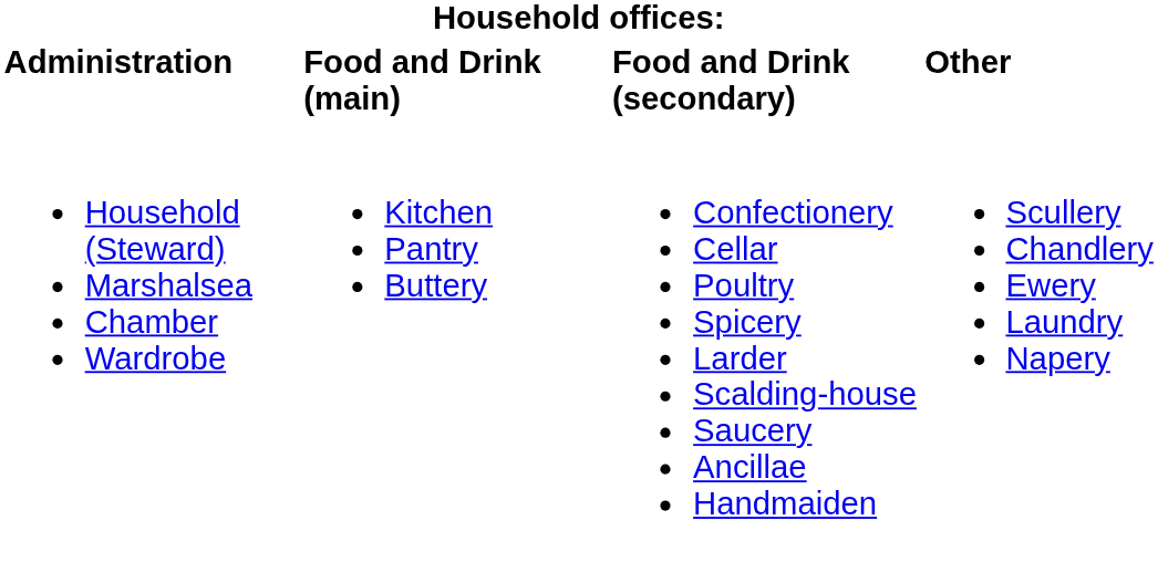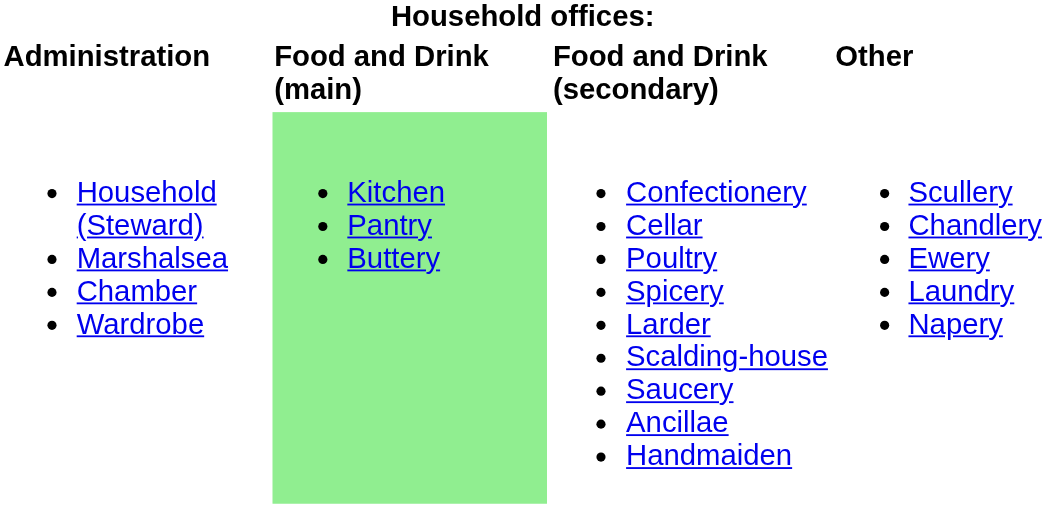 <table class="toccolours">
 <tr>
 <th colspan=4><strong>Household offices:</strong></th>
 </tr>
 <tr valign=top>
 <th scope=col style="text-align:left;padding-right:2em">Administration</th>
 <th scope=col style="text-align:left;padding-right:2em">Food and Drink<br>(main)</th>
 <th scope=col style="text-align:left;padding-right:2em">Food and Drink<br>(secondary)</th>
 <th scope=col style="text-align:left;padding-right:2em">Other</th>
 </tr>
 <tr valign=top>
 <td><br><ul><li><a href='#'>Household<br>(Steward)</a></li><li><a href='#'>Marshalsea</a></li><li><a href='#'>Chamber</a></li><li><a href='#'>Wardrobe</a></li></ul></td>
-<td><br><ul><li><a href='#'>Kitchen</a></li><li><a href='#'>Pantry</a></li><li><a href='#'>Buttery</a></li></ul></td>
+<td style="background: lightgreen;"><br><ul><li><a href='#'>Kitchen</a></li><li><a href='#'>Pantry</a></li><li><a href='#'>Buttery</a></li></ul></td>
 <td><br><ul><li><a href='#'>Confectionery</a></li><li><a href='#'>Cellar</a></li><li><a href='#'>Poultry</a></li><li><a href='#'>Spicery</a></li><li><a href='#'>Larder</a></li><li><a href='#'>Scalding-house</a></li><li><a href='#'>Saucery</a></li><li><a href='#'>Ancillae</a></li><li><a href='#'>Handmaiden</a></li></ul></td>
 <td><br><ul><li><a href='#'>Scullery</a></li><li><a href='#'>Chandlery</a></li><li><a href='#'>Ewery</a></li><li><a href='#'>Laundry</a></li><li><a href='#'>Napery</a></li></ul></td>
 </tr>
 </table>
